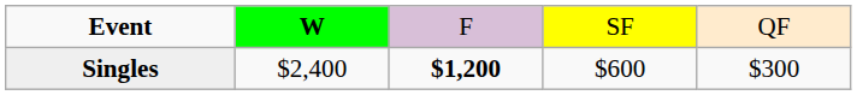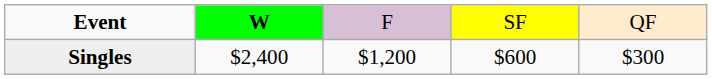 <table class=wikitable style=font-size:95%;text-align:center>
 <tr>
 <td style="width:130px"><strong>Event</strong></td>
 <td style="width:85px; background:lime"><strong>W</strong></td>
 <td style="width:85px; background:thistle">F</td>
 <td style="width:85px; background:#ffff00">SF</td>
 <td style="width:85px; background:#ffebcd">QF</td>
 </tr>
 <tr>
 <th style=background:#efefef>Singles </th>
 <td>$2,400</td>
-<td><strong>$1,200</strong></td>
+<td>$1,200</td>
 <td>$600</td>
 <td>$300</td>
 </tr>
 </table>
